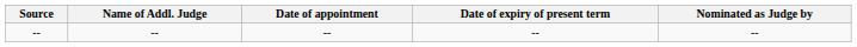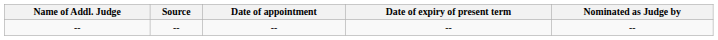 <table class="wikitable static-row-numbers static-row-header" style="text-align:center" width="92%">
 <tr>
+<th>Name of Addl. Judge</th>
 <th>Source</th>
-<th>Name of Addl. Judge</th>
 <th>Date of appointment</th>
 <th>Date of expiry of present term</th>
 <th>Nominated as Judge by</th>
 </tr>
 <tr>
 <td>--</td>
 <td>--</td>
 <td>--</td>
 <td>--</td>
 <td>--</td>
 </tr>
 </table>
